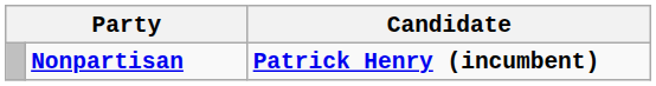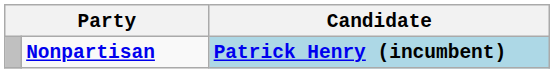 <table class=wikitable>
 <tr>
 <th colspan=2 style="width: 130px">Party</th>
 <th style="width: 17em">Candidate</th>
 </tr>
 <tr>
 <td style="background-color:#C0C0C0; width:5px;"></td>
 <td><strong><a href='#'>Nonpartisan</a></strong></td>
-<td><strong><a href='#'>Patrick Henry</a> (incumbent)</strong></td>
+<td style="background: lightblue;"><strong><a href='#'>Patrick Henry</a> (incumbent)</strong></td>
 </tr>
 </table>
